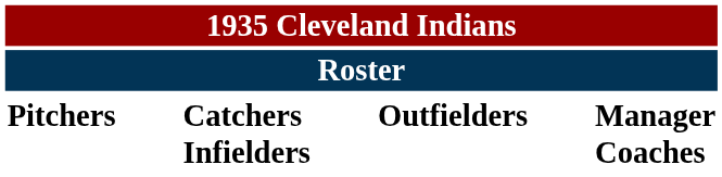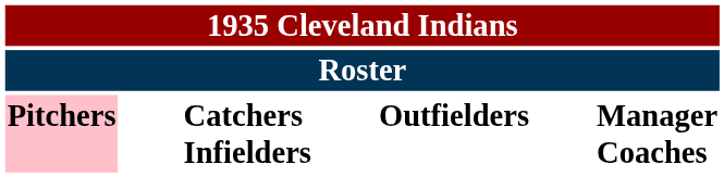 <table class="toccolours" style="font-size: 95%;">
 <tr>
 <th colspan="10" style="background-color: #990000; color: white; text-align: center;">1935 Cleveland Indians</th>
 </tr>
 <tr>
 <td colspan="10" style="background-color: #023456; color: white; text-align: center;"><strong>Roster</strong></td>
 </tr>
 <tr>
-<td valign="top"><strong>Pitchers</strong><br>          </td>
+<td valign="top" style="background: pink;"><strong>Pitchers</strong><br>          </td>
 <td width="25px"></td>
 <td valign="top"><strong>Catchers</strong><br>      <strong>Infielders</strong>      </td>
 <td width="25px"></td>
 <td valign="top"><strong>Outfielders</strong><br>     </td>
 <td width="25px"></td>
 <td valign="top"><strong>Manager</strong><br>  <strong>Coaches</strong>   </td>
 </tr>
 </table>
